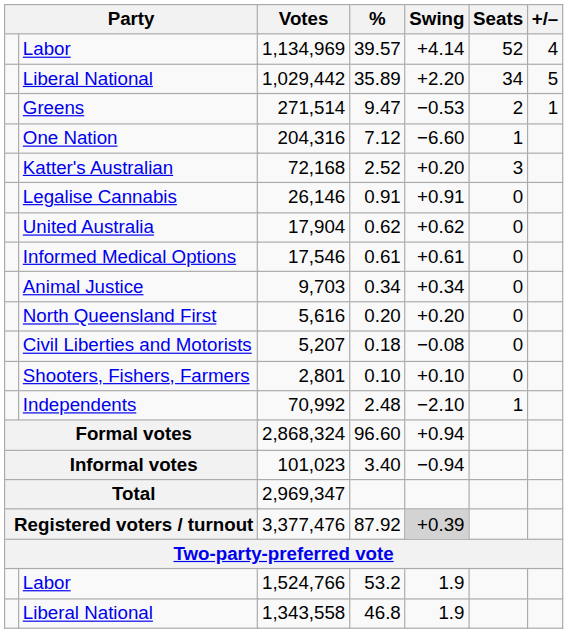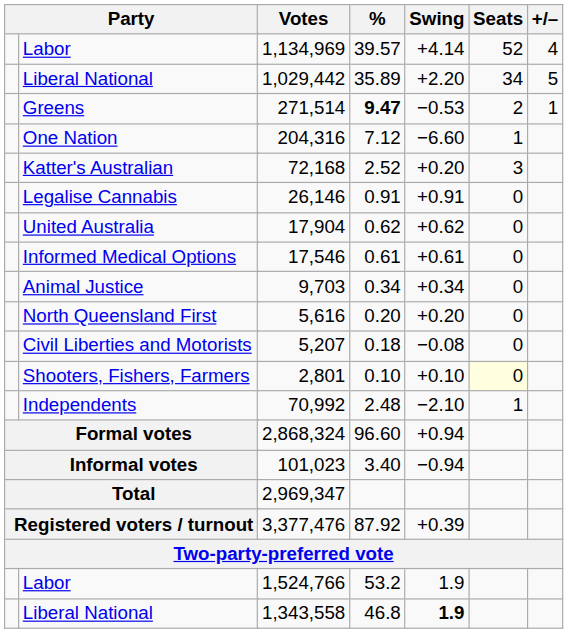 <table class="wikitable" style="text-align:right;  margin-bottom:0">
 <tr>
 <th style="width:10px" colspan=3>Party</th>
 <th style="width:70px;">Votes</th>
 <th style="width:40px;">%</th>
 <th style="width:45px;">Swing</th>
 <th style="width:40px;">Seats</th>
 <th>+/–</th>
 </tr>
 <tr>
 <td> </td>
 <td style="text-align:left;" colspan="2"><a href='#'>Labor</a></td>
 <td>1,134,969</td>
 <td>39.57</td>
 <td>+4.14</td>
 <td>52</td>
 <td> 4</td>
 </tr>
 <tr>
 <td> </td>
 <td style="text-align:left;" colspan="2"><a href='#'>Liberal National</a></td>
 <td>1,029,442</td>
 <td>35.89</td>
 <td>+2.20</td>
 <td>34</td>
 <td> 5</td>
 </tr>
 <tr>
 <td> </td>
 <td style="text-align:left;" colspan="2"><a href='#'>Greens</a></td>
 <td>271,514</td>
-<td>9.47</td>
+<td><strong>9.47</strong></td>
 <td>−0.53</td>
 <td>2</td>
 <td> 1</td>
 </tr>
 <tr>
 <td> </td>
 <td style="text-align:left;" colspan="2"><a href='#'>One Nation</a></td>
 <td>204,316</td>
 <td>7.12</td>
 <td>−6.60</td>
 <td>1</td>
 <td></td>
 </tr>
 <tr>
 <td> </td>
 <td colspan="2" style="text-align:left;"><a href='#'>Katter's Australian</a></td>
 <td>72,168</td>
 <td>2.52</td>
 <td>+0.20</td>
 <td>3</td>
 <td></td>
 </tr>
 <tr>
 <td> </td>
 <td colspan="2" style="text-align:left;"><a href='#'>Legalise Cannabis</a></td>
 <td>26,146</td>
 <td>0.91</td>
 <td>+0.91</td>
 <td>0</td>
 <td></td>
 </tr>
 <tr>
 <td> </td>
 <td style="text-align:left;" colspan="2"><a href='#'>United Australia</a></td>
 <td>17,904</td>
 <td>0.62</td>
 <td>+0.62</td>
 <td>0</td>
 <td></td>
 </tr>
 <tr>
 <td> </td>
 <td colspan="2" style="text-align:left;"><a href='#'>Informed Medical Options</a></td>
 <td>17,546</td>
 <td>0.61</td>
 <td>+0.61</td>
 <td>0</td>
 <td></td>
 </tr>
 <tr>
 <td> </td>
 <td colspan="2" style="text-align:left;"><a href='#'>Animal Justice</a></td>
 <td>9,703</td>
 <td>0.34</td>
 <td>+0.34</td>
 <td>0</td>
 <td></td>
 </tr>
 <tr>
 <td> </td>
 <td colspan="2" style="text-align:left;"><a href='#'>North Queensland First</a></td>
 <td>5,616</td>
 <td>0.20</td>
 <td>+0.20</td>
 <td>0</td>
 <td></td>
 </tr>
 <tr>
 <td> </td>
 <td colspan="2" style="text-align:left;"><a href='#'>Civil Liberties and Motorists</a></td>
 <td>5,207</td>
 <td>0.18</td>
 <td>−0.08</td>
 <td>0</td>
 <td></td>
 </tr>
 <tr>
 <td> </td>
 <td colspan="2" style="text-align:left;"><a href='#'>Shooters, Fishers, Farmers</a></td>
 <td>2,801</td>
 <td>0.10</td>
 <td>+0.10</td>
-<td>0</td>
+<td style="background: lightyellow;">0</td>
 <td></td>
 </tr>
 <tr>
 <td> </td>
 <td colspan="2" style="text-align:left;"><a href='#'>Independents</a></td>
 <td>70,992</td>
 <td>2.48</td>
 <td>−2.10</td>
 <td>1</td>
 <td></td>
 </tr>
 <tr>
 <th colspan="3" rowspan="1"> Formal votes</th>
 <td>2,868,324</td>
 <td>96.60</td>
 <td>+0.94</td>
 <td></td>
 <td></td>
 </tr>
 <tr>
 <th colspan="3" rowspan="1"> Informal votes</th>
 <td>101,023</td>
 <td>3.40</td>
 <td>−0.94</td>
 <td></td>
 <td></td>
 </tr>
 <tr>
 <th colspan="3" rowspan="1"> <strong>Total </strong></th>
 <td>2,969,347</td>
 <td></td>
 <td></td>
 <td></td>
 <td></td>
 </tr>
 <tr>
 <th colspan="3" rowspan="1"> Registered voters / turnout</th>
 <td>3,377,476</td>
 <td>87.92</td>
-<td style="background: lightgrey;">+0.39</td>
+<td>+0.39</td>
 <td></td>
 <td></td>
 </tr>
 <tr>
 <th colspan="8"><a href='#'>Two-party-preferred vote</a></th>
 </tr>
 <tr>
 <td></td>
 <td style="text-align:left;" colspan="2"><a href='#'>Labor</a></td>
 <td>1,524,766</td>
 <td>53.2</td>
 <td> 1.9</td>
 <td></td>
 <td></td>
 </tr>
 <tr>
 <td></td>
 <td style="text-align:left;" colspan="2"><a href='#'>Liberal National</a></td>
 <td>1,343,558</td>
 <td>46.8</td>
-<td> 1.9</td>
+<td><strong> 1.9</strong></td>
 <td></td>
 <td></td>
 </tr>
 </table>
